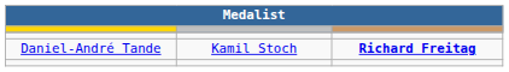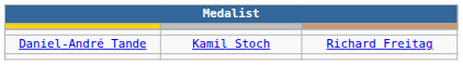 <table class="wikitable" style="font-size:95%; text-align:center; border:grey solid 1px; border-collapse:collapse;" width="30%">
 <tr style="background-color:#369; color:white;">
 <td colspan="7"><strong>Medalist</strong></td>
 </tr>
 <tr style="background-color:#4180be; color:white;">
 <td width="5%" bgcolor=gold></td>
 <td width="5%" bgcolor=silver></td>
 <td width="5%" bgcolor=cc9966></td>
 </tr>
 <tr style="background-color:#8CB2D8; color:white;">
 </tr>
 <tr>
 </tr>
 <tr>
 <td></td>
 <td></td>
 <td></td>
 </tr>
 <tr>
 <td><a href='#'>Daniel-André Tande</a></td>
 <td><a href='#'>Kamil Stoch</a></td>
-<td><strong><a href='#'>Richard Freitag</a></strong></td>
+<td><a href='#'>Richard Freitag</a></td>
 </tr>
 <tr>
 <td></td>
 <td></td>
 <td></td>
 </tr>
 </table>
